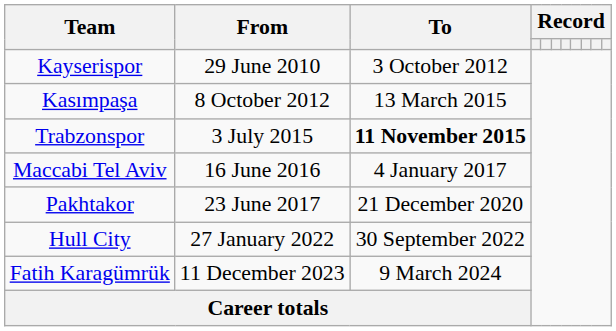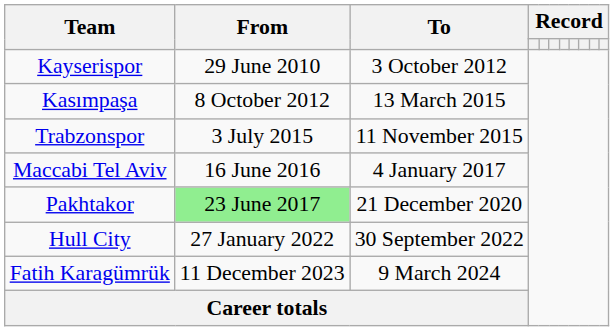 <table class="wikitable" style="text-align: center">
 <tr>
 <th rowspan=2>Team</th>
 <th rowspan=2>From</th>
 <th rowspan=2>To</th>
 <th colspan=8>Record</th>
 </tr>
 <tr>
 <th></th>
 <th></th>
 <th></th>
 <th></th>
 <th></th>
 <th></th>
 <th></th>
 <th></th>
 </tr>
 <tr>
 <td><a href='#'>Kayserispor</a></td>
 <td>29 June 2010</td>
 <td>3 October 2012<br></td>
 </tr>
 <tr>
 <td><a href='#'>Kasımpaşa</a></td>
 <td>8 October 2012</td>
 <td>13 March 2015<br></td>
 </tr>
 <tr>
 <td><a href='#'>Trabzonspor</a></td>
 <td>3 July 2015</td>
-<td><strong>11 November 2015<br></strong></td>
+<td>11 November 2015<br></td>
 </tr>
 <tr>
 <td><a href='#'>Maccabi Tel Aviv</a></td>
 <td>16 June 2016</td>
 <td>4 January 2017<br></td>
 </tr>
 <tr>
 <td><a href='#'>Pakhtakor</a></td>
-<td>23 June 2017</td>
+<td style="background: lightgreen;">23 June 2017</td>
 <td>21 December 2020<br></td>
 </tr>
 <tr>
 <td><a href='#'>Hull City</a></td>
 <td>27 January 2022</td>
 <td>30 September 2022<br></td>
 </tr>
 <tr>
 <td><a href='#'>Fatih Karagümrük</a></td>
 <td>11 December 2023</td>
 <td>9 March 2024<br></td>
 </tr>
 <tr>
 <th colspan=3>Career totals<br></th>
 </tr>
 </table>
